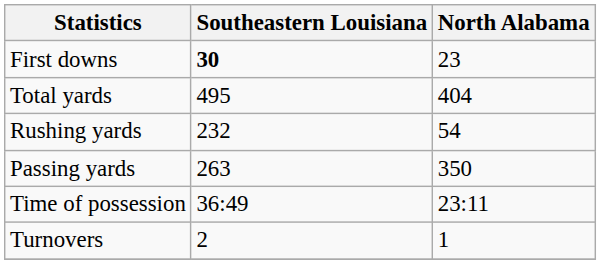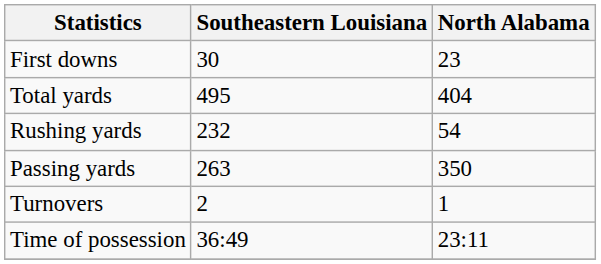 <table class="wikitable">
 <tr>
 <th>Statistics</th>
 <th>Southeastern Louisiana</th>
 <th>North Alabama</th>
 </tr>
 <tr>
 <td>First downs</td>
-<td><strong>30</strong></td>
+<td>30</td>
 <td>23</td>
 </tr>
 <tr>
 <td>Total yards</td>
 <td>495</td>
 <td>404</td>
 </tr>
 <tr>
 <td>Rushing yards</td>
 <td>232</td>
 <td>54</td>
 </tr>
 <tr>
 <td>Passing yards</td>
 <td>263</td>
 <td>350</td>
 </tr>
 <tr>
+<td>Turnovers</td>
+<td>2</td>
+<td>1</td>
+</tr>
+<tr>
 <td>Time of possession</td>
 <td>36:49</td>
 <td>23:11</td>
 </tr>
 <tr>
-<td>Turnovers</td>
-<td>2</td>
-<td>1</td>
-</tr>
-<tr>
 </tr>
 </table>
